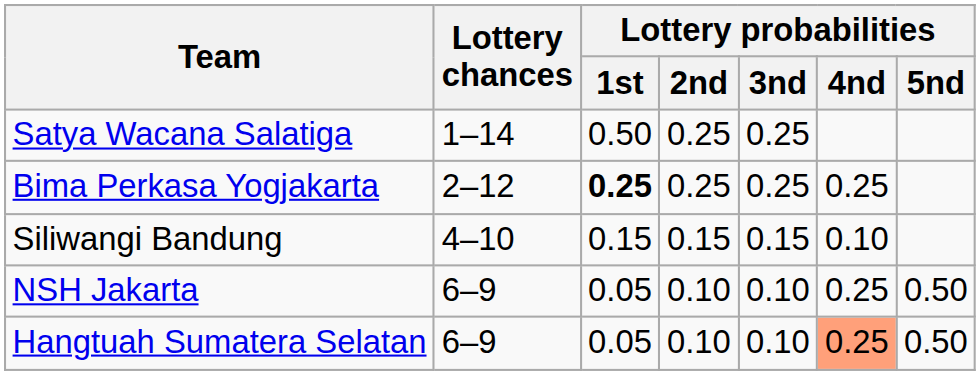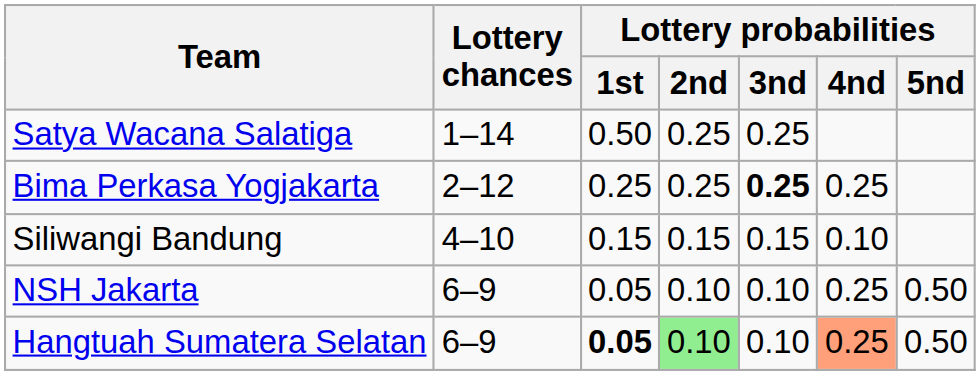 <table class="wikitable">
 <tr>
 <th rowspan="2">Team</th>
 <th rowspan="2">Lottery<br>chances</th>
 <th colspan="5">Lottery probabilities</th>
 </tr>
 <tr>
 <th>1st</th>
 <th>2nd</th>
 <th>3nd</th>
 <th>4nd</th>
 <th>5nd</th>
 </tr>
 <tr>
 <td><a href='#'>Satya Wacana Salatiga</a></td>
 <td>1–14</td>
 <td>0.50</td>
 <td>0.25</td>
 <td>0.25</td>
 <td></td>
 <td></td>
 </tr>
 <tr>
 <td><a href='#'>Bima Perkasa Yogjakarta</a></td>
 <td>2–12</td>
-<td><strong>0.25</strong></td>
 <td>0.25</td>
 <td>0.25</td>
+<td><strong>0.25</strong></td>
 <td>0.25</td>
 <td></td>
 </tr>
 <tr>
 <td>Siliwangi Bandung</td>
 <td>4–10</td>
 <td>0.15</td>
 <td>0.15</td>
 <td>0.15</td>
 <td>0.10</td>
 <td></td>
 </tr>
 <tr>
 <td><a href='#'>NSH Jakarta</a></td>
 <td>6–9</td>
 <td>0.05</td>
 <td>0.10</td>
 <td>0.10</td>
 <td>0.25</td>
 <td>0.50</td>
 </tr>
 <tr>
 <td><a href='#'>Hangtuah Sumatera Selatan</a></td>
 <td>6–9</td>
-<td>0.05</td>
-<td>0.10</td>
+<td><strong>0.05</strong></td>
+<td style="background: lightgreen;">0.10</td>
 <td>0.10</td>
 <td style="background: lightsalmon;">0.25</td>
 <td>0.50</td>
 </tr>
 </table>
